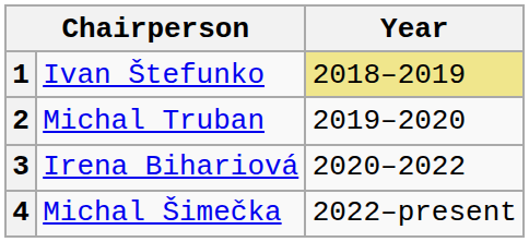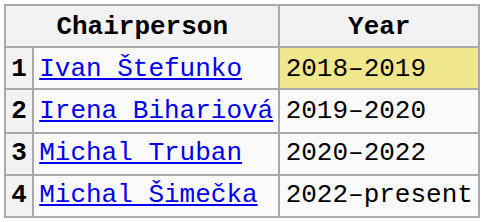 <table class="wikitable">
 <tr>
 <th colspan="2">Chairperson</th>
 <th>Year</th>
 </tr>
 <tr>
 <th style="background:">1</th>
 <td><a href='#'>Ivan Štefunko</a></td>
 <td style="background: khaki;">2018–2019</td>
 </tr>
 <tr>
 <th style="background:">2</th>
-<td><a href='#'>Michal Truban</a></td>
+<td><a href='#'>Irena Bihariová</a></td>
 <td>2019–2020</td>
 </tr>
 <tr>
 <th style="background:">3</th>
-<td><a href='#'>Irena Bihariová</a></td>
+<td><a href='#'>Michal Truban</a></td>
 <td>2020–2022</td>
 </tr>
 <tr>
 <th style="background:">4</th>
 <td><a href='#'>Michal Šimečka</a></td>
 <td>2022–present</td>
 </tr>
 </table>
